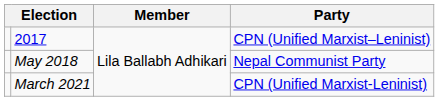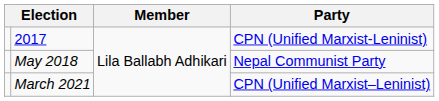 <table class="wikitable">
 <tr>
 <th colspan="2">Election</th>
 <th>Member</th>
 <th>Party</th>
 </tr>
 <tr>
 <td style="background-color:"></td>
 <td><a href='#'>2017</a></td>
 <td rowspan="3">Lila Ballabh Adhikari</td>
-<td><a href='#'>CPN (Unified Marxist–Leninist)</a></td>
+<td><a href='#'>CPN (Unified Marxist-Leninist)</a></td>
 </tr>
 <tr>
 <td style="background-color:"></td>
 <td><em>May 2018</em></td>
 <td><a href='#'>Nepal Communist Party</a></td>
 </tr>
 <tr>
 <td style="background-color:"></td>
 <td><em>March 2021</em></td>
-<td><a href='#'>CPN (Unified Marxist-Leninist)</a></td>
+<td><a href='#'>CPN (Unified Marxist–Leninist)</a></td>
 </tr>
 </table>
